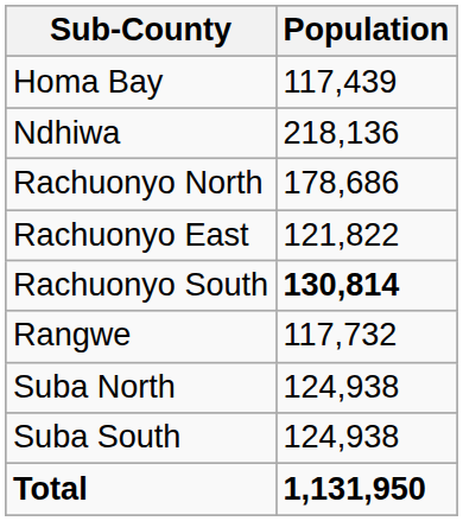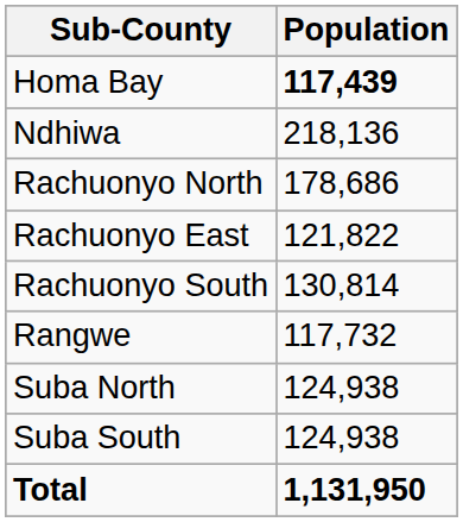 <table class="wikitable">
 <tr>
 <th>Sub-County</th>
 <th>Population</th>
 </tr>
 <tr>
 <td>Homa Bay</td>
-<td>117,439</td>
+<td><strong>117,439</strong></td>
 </tr>
 <tr>
 <td>Ndhiwa</td>
 <td>218,136</td>
 </tr>
 <tr>
 <td>Rachuonyo North</td>
 <td>178,686</td>
 </tr>
 <tr>
 <td>Rachuonyo East</td>
 <td>121,822</td>
 </tr>
 <tr>
 <td>Rachuonyo South</td>
-<td><strong>130,814</strong></td>
+<td>130,814</td>
 </tr>
 <tr>
 <td>Rangwe</td>
 <td>117,732</td>
 </tr>
 <tr>
 <td>Suba North</td>
 <td>124,938</td>
 </tr>
 <tr>
 <td>Suba South</td>
 <td>124,938</td>
 </tr>
 <tr>
 <td><strong>Total</strong></td>
 <td><strong>1,131,950</strong></td>
 </tr>
 </table>
